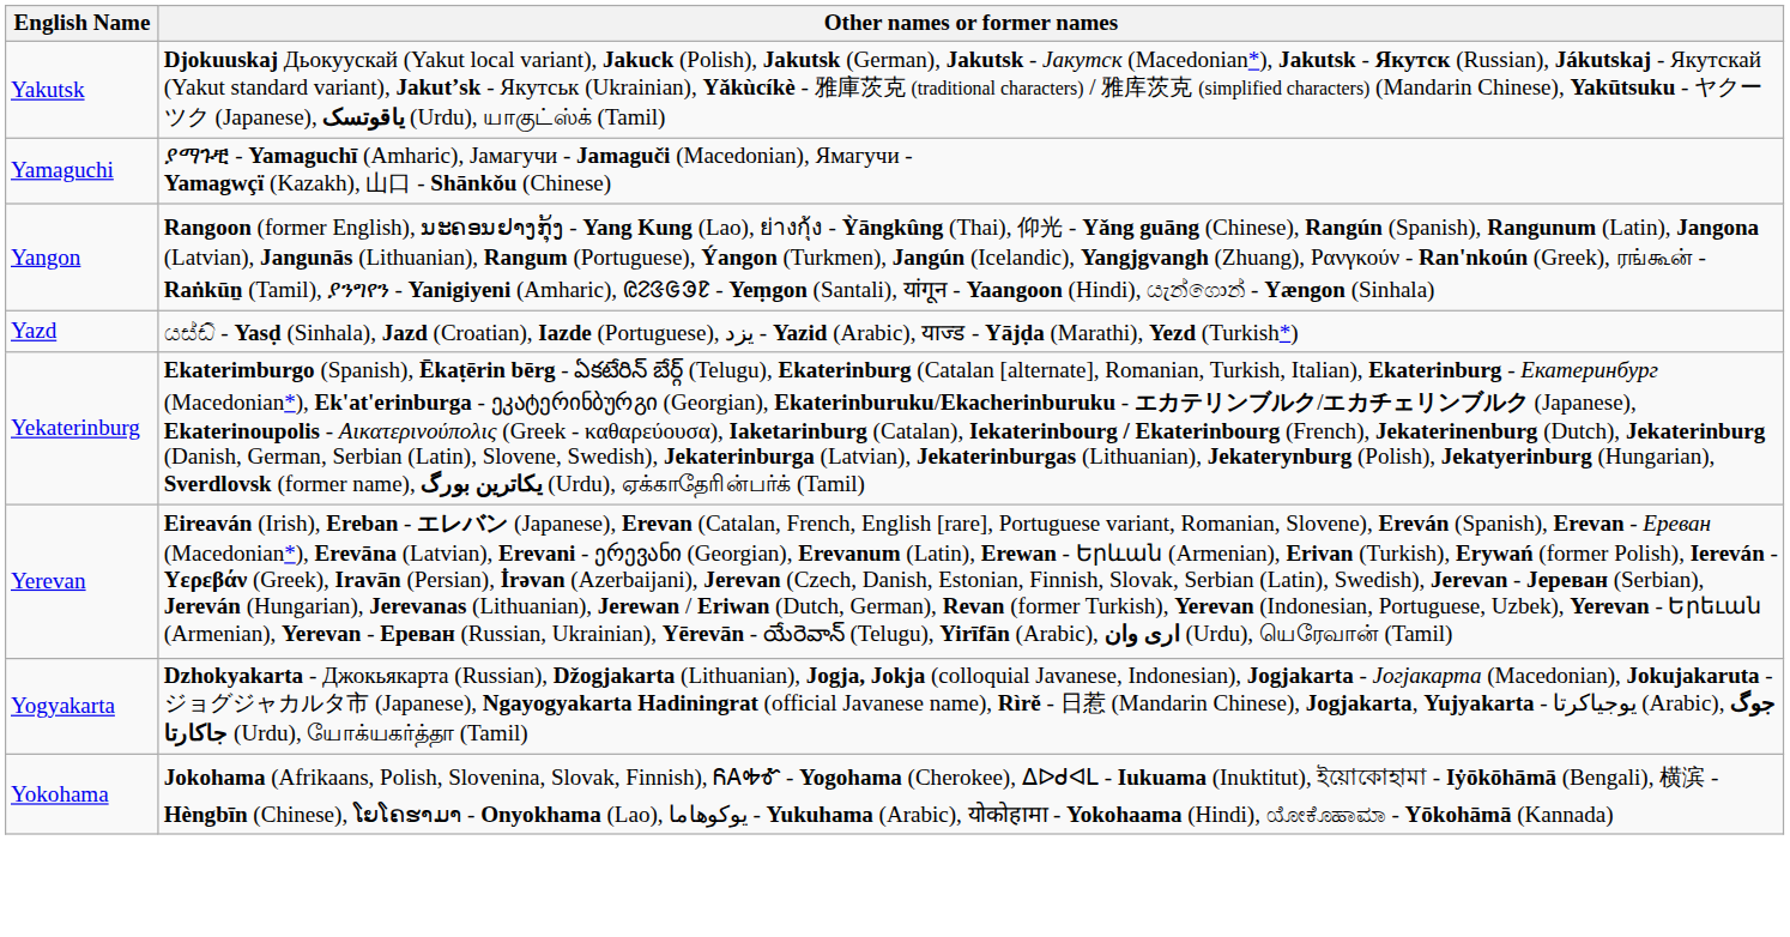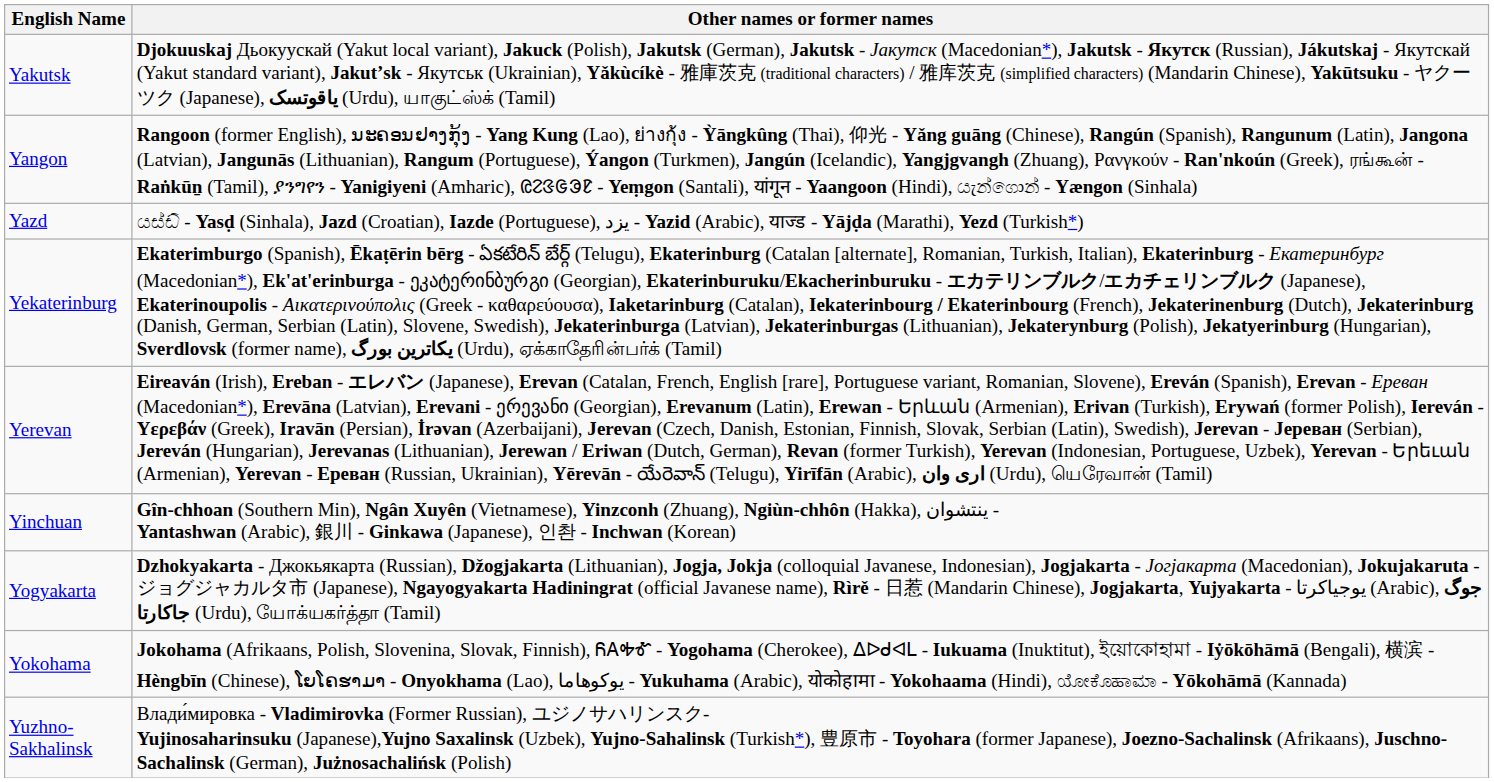 <table class="wikitable">
 <tr>
 <th style="width:100px;">English Name</th>
 <th>Other names or former names</th>
 </tr>
 <tr>
 <td> <a href='#'>Yakutsk</a></td>
 <td><strong>Djokuuskaj</strong> Дьокуускай (Yakut local variant), <strong>Jakuck</strong> (Polish), <strong>Jakutsk</strong> (German), <strong>Jakutsk</strong> - <em>Јакутск</em> (Macedonian<a href='#'>*</a>), <strong>Jakutsk</strong> - <strong>Якутск</strong> (Russian), <strong>Jákutskaj</strong> - Якутскай (Yakut standard variant), <strong>Jakutʼsk</strong> - Якутськ (Ukrainian), <strong>Yǎkùcíkè</strong> - 雅庫茨克 <small>(traditional characters)</small> / 雅库茨克 <small>(simplified characters)</small> (Mandarin Chinese), <strong>Yakūtsuku</strong> - ヤクーツク (Japanese), <strong>یاقوتسک</strong> (Urdu), யாகுட்ஸ்க் (Tamil)</td>
-</tr>
-<tr>
-<td> <a href='#'>Yamaguchi</a></td>
-<td>ያማጉቺ - <strong>Yamaguchī</strong> (Amharic), Јамагучи - <strong>Jamaguči</strong> (Macedonian), Ямагучи -<br><strong>Yamagwçï</strong> (Kazakh), 山口 -  <strong>Shānkǒu</strong> (Chinese)</td>
 </tr>
 <tr>
 <td> <a href='#'>Yangon</a></td>
 <td><strong>Rangoon</strong> (former English),  ນະຄອນຢາງກຸ້ງ - <strong>Yang Kung</strong> (Lao), ย่างกุ้ง - <strong>Ỳāngkûng</strong> (Thai), 仰光 - <strong>Yǎng guāng</strong> (Chinese), <strong>Rangún</strong> (Spanish), <strong>Rangunum</strong> (Latin), <strong>Jangona</strong> (Latvian), <strong>Jangunās</strong> (Lithuanian), <strong>Rangum</strong> (Portuguese), <strong>Ýangon</strong> (Turkmen), <strong>Jangún</strong> (Icelandic), <strong>Yangjgvangh</strong> (Zhuang), Ρανγκούν -  <strong>Ran'nkoún</strong> (Greek), ரங்கூன் -  <strong>Raṅkūṉ</strong> (Tamil), ያንግየን - <strong>Yanigiyeni</strong> (Amharic), ᱭᱮᱝᱜᱳᱱ - <strong>Yeṃgon</strong> (Santali), यांगून - <strong>Yaangoon</strong> (Hindi), යැන්ගොන් - <strong>Yængon</strong> (Sinhala)</td>
 </tr>
 <tr>
 <td> <a href='#'>Yazd</a></td>
 <td>යස්ඩ් - <strong>Yasḍ</strong> (Sinhala), <strong>Jazd</strong> (Croatian), <strong>Iazde</strong> (Portuguese), يزد - <strong>Yazid</strong> (Arabic),  याज्ड - <strong>Yājḍa</strong> (Marathi), <strong>Yezd</strong> (Turkish<a href='#'>*</a>)</td>
 </tr>
 <tr>
 <td> <a href='#'>Yekaterinburg</a></td>
 <td><strong>Ekaterimburgo</strong> (Spanish), <strong>Ēkaṭērin bērg</strong> - ఏకటేరిన్ బేర్గ్ (Telugu), <strong>Ekaterinburg</strong> (Catalan [alternate], Romanian, Turkish, Italian), <strong>Ekaterinburg</strong> - <em>Екатеринбург</em> (Macedonian<a href='#'>*</a>), <strong>Ek'at'erinburga</strong> - ეკატერინბურგი (Georgian), <strong>Ekaterinburuku</strong>/<strong>Ekacherinburuku</strong> - <strong>エカテリンブルク</strong>/<strong>エカチェリンブルク</strong> (Japanese), <strong>Ekaterinoupolis</strong> - <em>Αικατερινούπολις</em> (Greek - καθαρεύουσα), <strong>Iaketarinburg</strong> (Catalan), <strong>Iekaterinbourg / Ekaterinbourg</strong> (French), <strong>Jekaterinenburg</strong> (Dutch), <strong>Jekaterinburg</strong> (Danish, German, Serbian (Latin), Slovene, Swedish), <strong>Jekaterinburga</strong> (Latvian), <strong>Jekaterinburgas</strong> (Lithuanian), <strong>Jekaterynburg</strong> (Polish), <strong>Jekatyerinburg</strong> (Hungarian), <strong>Sverdlovsk</strong> (former name), <strong>یکاترین بورگ</strong> (Urdu), ஏக்காதேரின்பர்க் (Tamil)</td>
 </tr>
 <tr>
 <td> <a href='#'>Yerevan</a></td>
 <td><strong>Eireaván</strong> (Irish), <strong>Ereban</strong> - <strong>エレバン</strong> (Japanese), <strong>Erevan</strong> (Catalan, French, English [rare], Portuguese variant, Romanian, Slovene), <strong>Ereván</strong> (Spanish), <strong>Erevan</strong> - <em>Ереван</em> (Macedonian<a href='#'>*</a>), <strong>Erevāna</strong> (Latvian), <strong>Erevani</strong> - ერევანი (Georgian), <strong>Erevanum</strong> (Latin), <strong>Erewan</strong> - Երևան (Armenian), <strong>Erivan</strong> (Turkish), <strong>Erywań</strong> (former Polish), <strong>Iereván</strong> - <strong>Υερεβάν</strong> (Greek), <strong>Iravān</strong> (Persian), <strong>İrəvan</strong> (Azerbaijani), <strong>Jerevan</strong> (Czech, Danish, Estonian, Finnish, Slovak, Serbian (Latin), Swedish), <strong>Jerevan</strong> - <strong>Jереван</strong> (Serbian), <strong>Jereván</strong> (Hungarian), <strong>Jerevanas</strong> (Lithuanian), <strong>Jerewan</strong> / <strong>Eriwan</strong> (Dutch, German), <strong>Revan</strong> (former Turkish), <strong>Yerevan</strong> (Indonesian, Portuguese, Uzbek), <strong>Yerevan</strong> - Երեւան (Armenian), <strong>Yerevan</strong> - <strong>Ереван</strong> (Russian, Ukrainian), <strong>Yērevān</strong> - యేరెవాన్ (Telugu), <strong>Yirīfān</strong> (Arabic), <strong>اری وان</strong> (Urdu), யெரேவான் (Tamil)</td>
 </tr>
 <tr>
+<td> <a href='#'>Yinchuan</a></td>
+<td><strong>Gîn-chhoan</strong> (Southern Min), <strong>Ngân Xuyên</strong> (Vietnamese), <strong>Yinzconh</strong> (Zhuang), <strong>Ngiùn-chhôn</strong> (Hakka), ينتشوان -<br><strong>Yantashwan</strong> (Arabic), 銀川 - <strong>Ginkawa</strong> (Japanese), 인촨 - <strong>Inchwan</strong> (Korean)</td>
+</tr>
+<tr>
 <td> <a href='#'>Yogyakarta</a></td>
 <td><strong>Dzhokyakarta</strong> - Джокьякарта (Russian), <strong>Džogjakarta</strong> (Lithuanian), <strong>Jogja, Jokja</strong> (colloquial Javanese, Indonesian), <strong>Jogjakarta</strong> - <em>Јогјакарта</em> (Macedonian), <strong>Jokujakaruta</strong> - ジョグジャカルタ市 (Japanese), <strong>Ngayogyakarta Hadiningrat</strong> (official Javanese name), <strong>Rìrě</strong> - 日惹 (Mandarin Chinese), <strong>Jogjakarta</strong>, <strong>Yujyakarta</strong> - يوجياكرتا (Arabic), <strong>جوگ جاکارتا</strong> (Urdu), யோக்யகர்த்தா (Tamil)</td>
 </tr>
 <tr>
 <td> <a href='#'>Yokohama</a></td>
 <td><strong>Jokohama</strong> (Afrikaans, Polish, Slovenina, Slovak, Finnish), Ᏺ⁠Ꭺ⁠Ꭽ⁠Ꮉ - <strong>Yogohama</strong> (Cherokee), ᐃᐅᑯᐊᒪ - <strong>Iukuama</strong> (Inuktitut), ইয়োকোহামা - <strong>Iẏōkōhāmā</strong> (Bengali), 横滨 - <strong>Hèngbīn</strong> (Chinese), ໂຍໂຄຮາມາ - <strong>Onyokhama</strong> (Lao), يوكوهاما - <strong>Yukuhama</strong> (Arabic), योकोहामा - <strong>Yokohaama</strong> (Hindi), ಯೋಕೊಹಾಮಾ - <strong>Yōkohāmā</strong> (Kannada)</td>
 </tr>
+<tr>
+<td> <a href='#'>Yuzhno-Sakhalinsk</a></td>
+<td>Влади́мировка - <strong>Vladimirovka</strong> (Former Russian), ユジノサハリンスク-<br><strong>Yujinosaharinsuku</strong> (Japanese),<strong>Yujno Saxalinsk</strong> (Uzbek), <strong>Yujno-Sahalinsk</strong> (Turkish<a href='#'>*</a>), 豊原市 - <strong>Toyohara</strong> (former Japanese), <strong>Joezno-Sachalinsk</strong> (Afrikaans), <strong>Juschno-Sachalinsk</strong> (German), <strong>Jużnosachalińsk</strong> (Polish)</td>
+</tr>
 </table>
